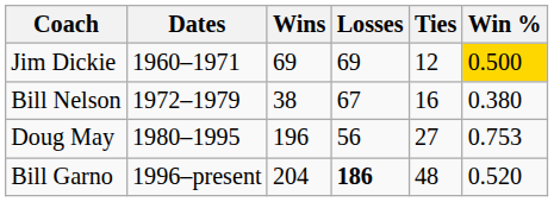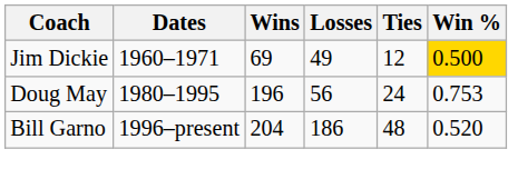 <table class="wikitable">
 <tr>
 <th width=px>Coach</th>
 <th width=px>Dates</th>
 <th width=px>Wins</th>
 <th width=px>Losses</th>
 <th width=px>Ties</th>
 <th width=px>Win %</th>
 </tr>
 <tr>
 <td>Jim Dickie</td>
 <td>1960–1971</td>
 <td>69</td>
-<td>69</td>
+<td>49</td>
 <td>12</td>
 <td style="background: gold;">0.500</td>
-</tr>
-<tr>
-<td>Bill Nelson</td>
-<td>1972–1979</td>
-<td>38</td>
-<td>67</td>
-<td>16</td>
-<td>0.380</td>
 </tr>
 <tr>
 <td>Doug May</td>
 <td>1980–1995</td>
 <td>196</td>
 <td>56</td>
-<td>27</td>
+<td>24</td>
 <td>0.753</td>
 </tr>
 <tr>
 <td>Bill Garno</td>
 <td>1996–present</td>
 <td>204</td>
-<td><strong>186</strong></td>
+<td>186</td>
 <td>48</td>
 <td>0.520</td>
 </tr>
 </table>
